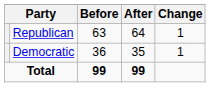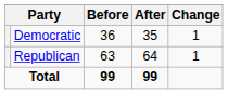 <table class="wikitable" style="text-align:center;">
 <tr>
 </tr>
 <tr>
 <th colspan=2>Party</th>
 <th>Before</th>
 <th>After</th>
 <th>Change</th>
 </tr>
 <tr>
 <th style="background-color:"></th>
-<td style="text-align:left;"><a href='#'>Republican</a></td>
-<td>63</td>
-<td>64</td>
+<td style="text-align:left;"><a href='#'>Democratic</a></td>
+<td>36</td>
+<td>35</td>
 <td> 1</td>
 </tr>
 <tr>
 <th style="background-color:"></th>
-<td style="text-align:left;"><a href='#'>Democratic</a></td>
-<td>36</td>
-<td>35</td>
+<td style="text-align:left;"><a href='#'>Republican</a></td>
+<td>63</td>
+<td>64</td>
 <td> 1</td>
 </tr>
 <tr>
 <td colspan=2><strong>Total</strong></td>
 <td><strong>99</strong></td>
 <td><strong>99</strong></td>
 <td></td>
 </tr>
 </table>
